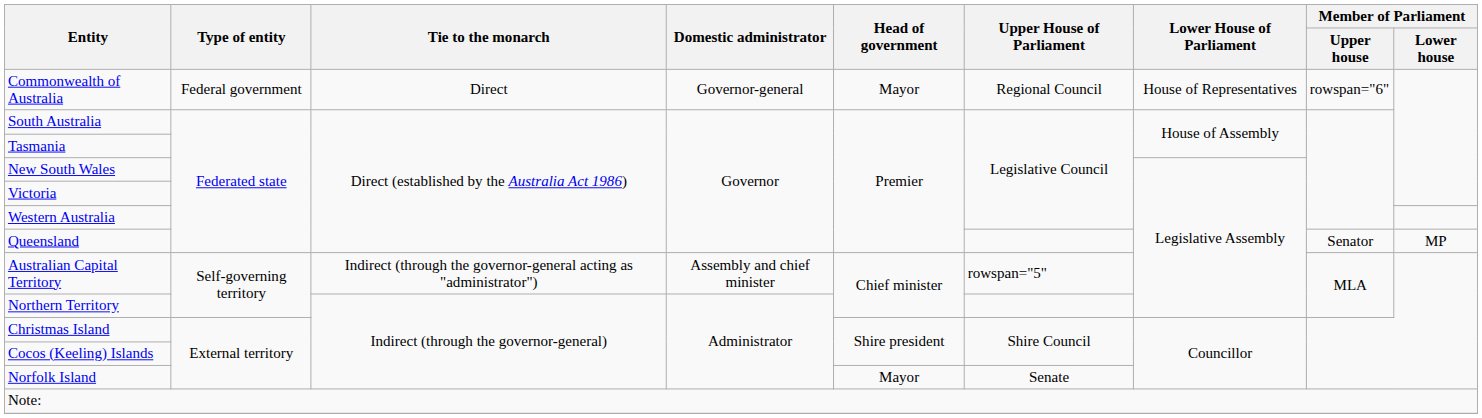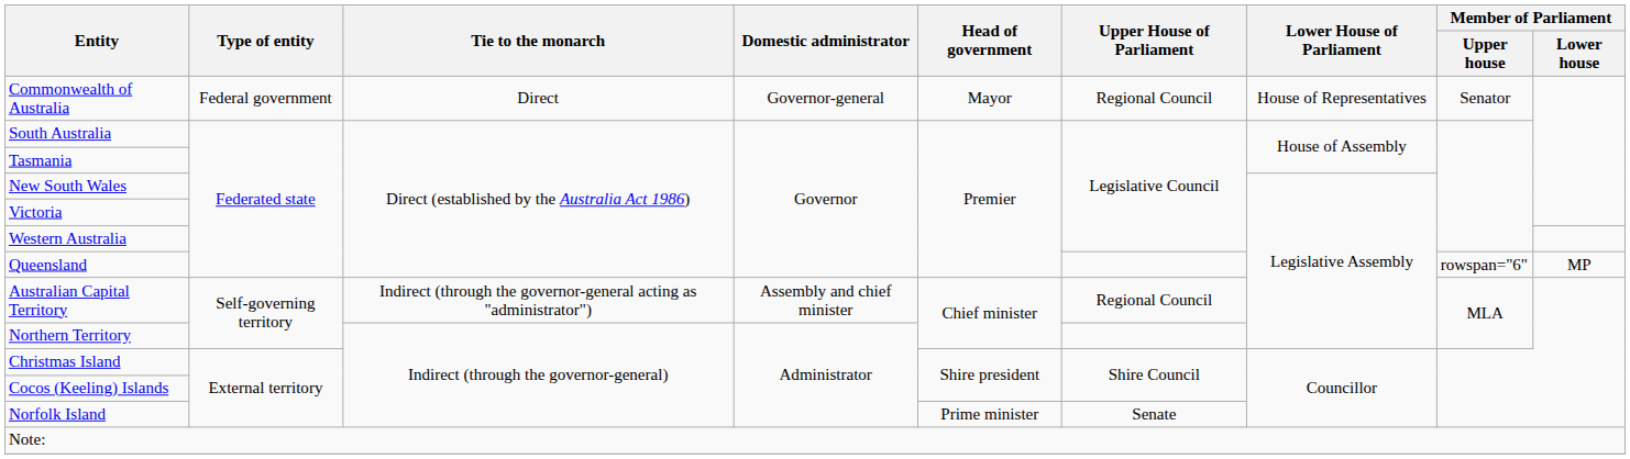 <table class=wikitable>
 <tr>
 <th rowspan="2">Entity</th>
 <th rowspan="2">Type of entity</th>
 <th rowspan="2">Tie to the monarch</th>
 <th rowspan="2">Domestic administrator</th>
 <th rowspan="2">Head of government</th>
 <th rowspan="2">Upper House of Parliament</th>
 <th rowspan="2">Lower House of Parliament</th>
 <th colspan="2">Member of Parliament</th>
 </tr>
 <tr>
 <th>Upper house</th>
 <th>Lower house</th>
 </tr>
 <tr>
 <td><a href='#'>Commonwealth of Australia</a></td>
 <td style="text-align:center">Federal government</td>
 <td style="text-align:center">Direct</td>
 <td style="text-align:center">Governor-general</td>
 <td style="text-align:center">Mayor</td>
 <td style="text-align:center">Regional Council</td>
 <td style="text-align:center">House of Representatives</td>
-<td>rowspan="6" </td>
+<td style="text-align:center">Senator</td>
 <td rowspan="5" style="text-align:center"></td>
 </tr>
 <tr>
 <td><a href='#'>South Australia</a></td>
 <td rowspan="6" style="text-align:center"><a href='#'>Federated state</a></td>
 <td rowspan="6" style="text-align:center">Direct (established by the <em><a href='#'>Australia Act 1986</a></em>)</td>
 <td rowspan="6" style="text-align:center">Governor</td>
 <td rowspan="6" style="text-align:center">Premier</td>
 <td rowspan="5" style="text-align:center">Legislative Council</td>
 <td rowspan="2" style="text-align:center">House of Assembly</td>
 <td rowspan="5" style="text-align:center"></td>
 </tr>
 <tr>
 <td><a href='#'>Tasmania</a></td>
 </tr>
 <tr>
 <td><a href='#'>New South Wales</a></td>
 <td rowspan="6" style="text-align:center">Legislative Assembly</td>
 </tr>
 <tr>
 <td><a href='#'>Victoria</a></td>
 </tr>
 <tr>
 <td><a href='#'>Western Australia</a></td>
 <td style="text-align:center"></td>
 </tr>
 <tr>
 <td><a href='#'>Queensland</a></td>
 <td></td>
-<td style="text-align:center">Senator</td>
+<td>rowspan="6" </td>
 <td style="text-align:center">MP</td>
 </tr>
 <tr>
 <td><a href='#'>Australian Capital Territory</a></td>
 <td rowspan="2" style="text-align:center">Self-governing territory</td>
 <td style="text-align:center">Indirect (through the governor-general acting as "administrator")</td>
 <td style="text-align:center">Assembly and chief minister</td>
 <td rowspan="2" style="text-align:center">Chief minister</td>
-<td>rowspan="5" </td>
+<td style="text-align:center">Regional Council</td>
 <td rowspan="2" style="text-align:center">MLA</td>
 </tr>
 <tr>
 <td><a href='#'>Northern Territory</a></td>
 <td rowspan="4" style="text-align:center">Indirect (through the governor-general)</td>
 <td rowspan="4" style="text-align:center">Administrator</td>
 </tr>
 <tr>
 <td><a href='#'>Christmas Island</a></td>
 <td rowspan="3" style="text-align:center">External territory</td>
 <td rowspan="2" style="text-align:center">Shire president</td>
 <td rowspan="2" style="text-align:center">Shire Council</td>
 <td rowspan="3" style="text-align:center">Councillor</td>
 </tr>
 <tr>
 <td><a href='#'>Cocos (Keeling) Islands</a></td>
 </tr>
 <tr>
 <td><a href='#'>Norfolk Island</a></td>
-<td style="text-align:center">Mayor</td>
+<td style="text-align:center">Prime minister</td>
 <td style="text-align:center">Senate</td>
 </tr>
 <tr>
 <td rowspan="1" colspan="9">Note: </td>
 </tr>
 <tr>
 </tr>
 </table>
